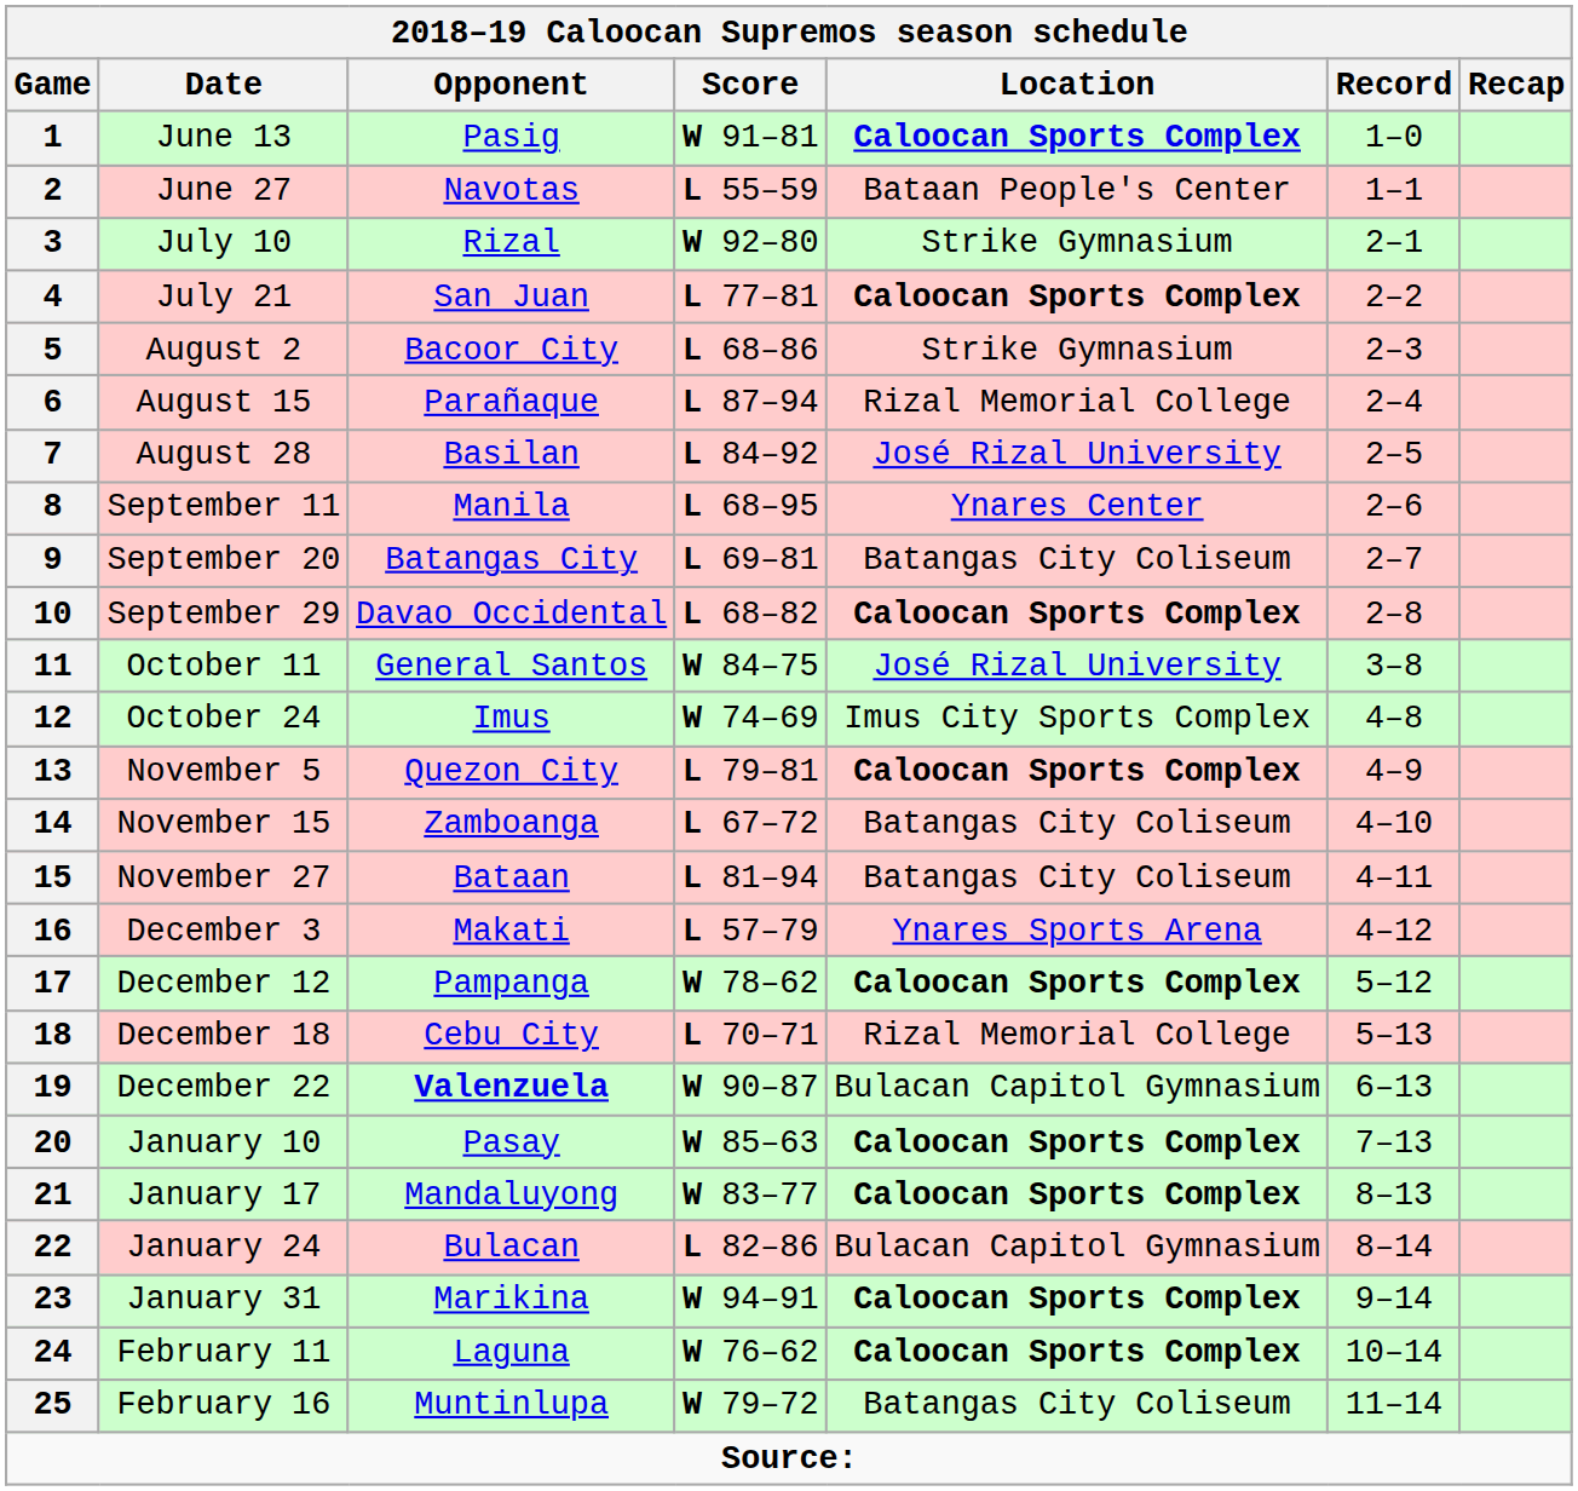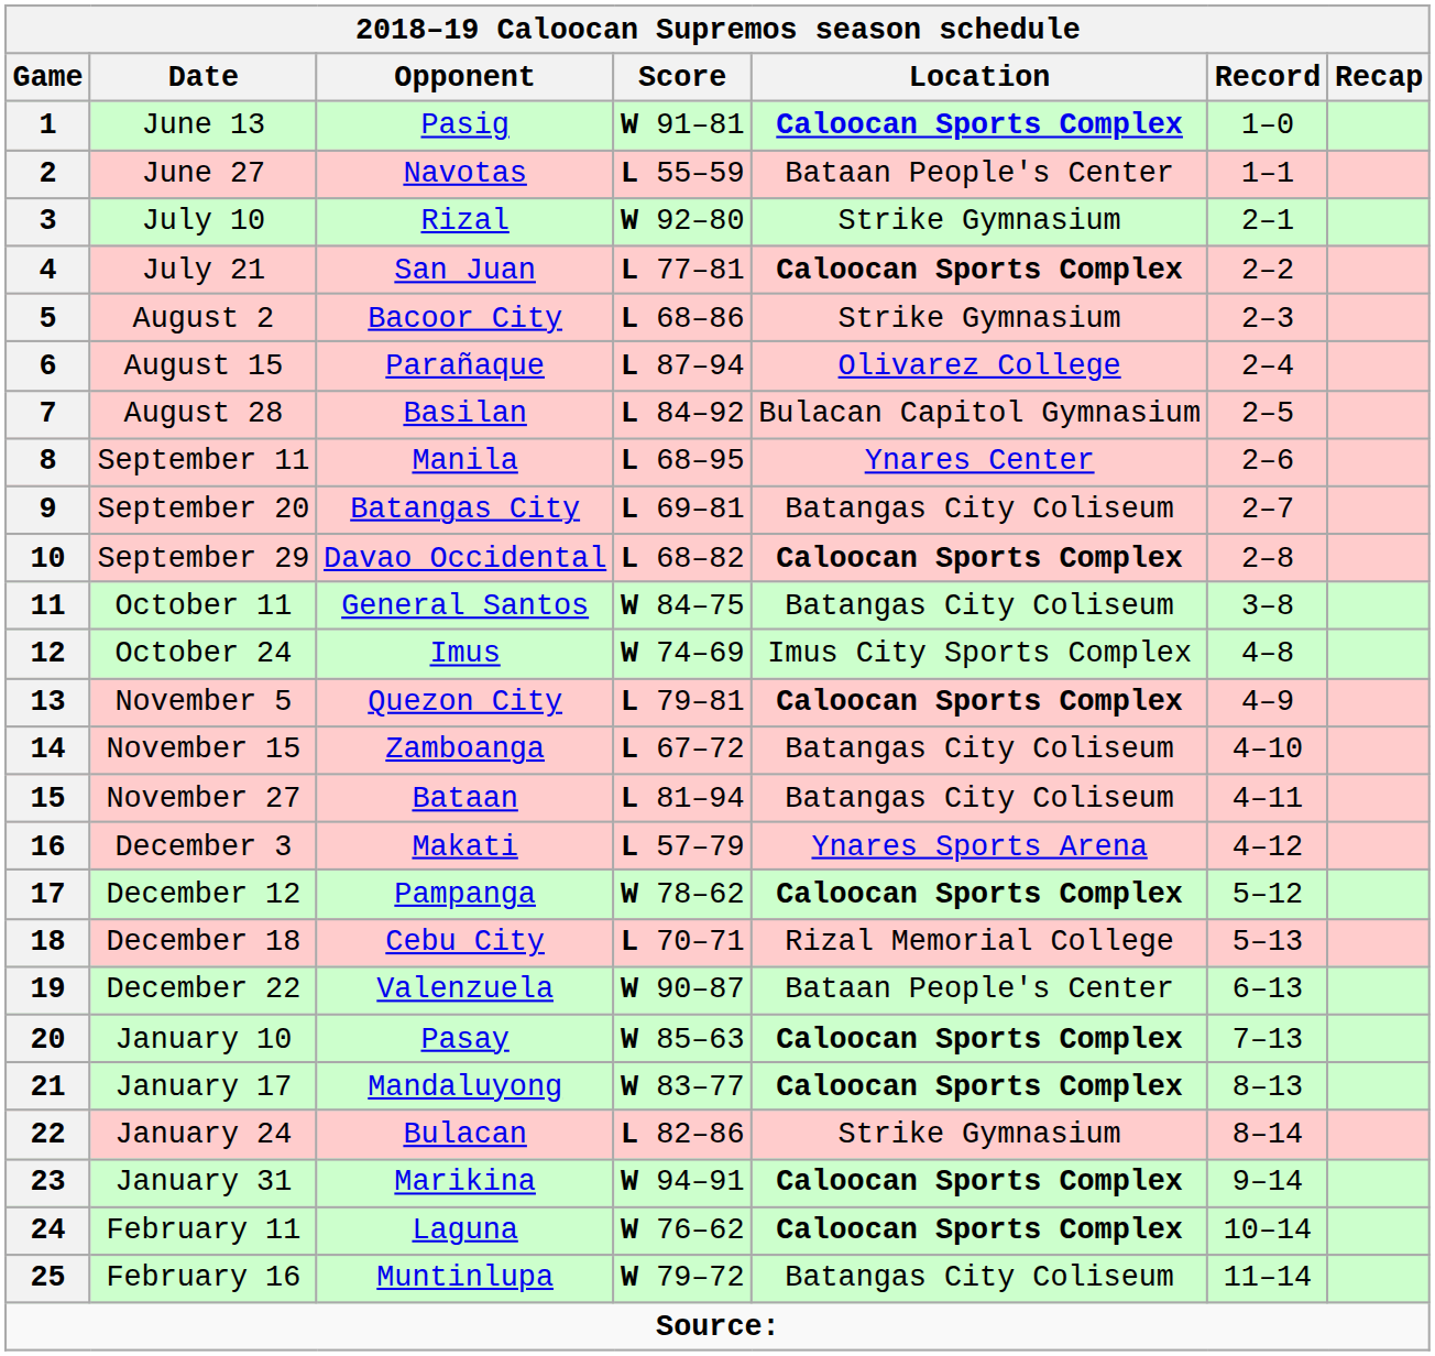 <table class="wikitable" style="text-align:center">
 <tr>
 <th colspan=7>2018–19 Caloocan Supremos season schedule</th>
 </tr>
 <tr>
 <th>Game</th>
 <th>Date</th>
 <th>Opponent</th>
 <th>Score</th>
 <th>Location</th>
 <th>Record</th>
 <th>Recap<br></th>
 </tr>
 <tr style="background:#cfc">
 <th>1</th>
 <td>June 13</td>
 <td><a href='#'>Pasig</a></td>
 <td><strong>W</strong> 91–81</td>
 <td><strong><a href='#'>Caloocan Sports Complex</a></strong></td>
 <td>1–0</td>
 <td></td>
 </tr>
 <tr style="background:#fcc">
 <th>2</th>
 <td>June 27</td>
 <td><a href='#'>Navotas</a></td>
 <td><strong>L</strong> 55–59</td>
 <td>Bataan People's Center</td>
 <td>1–1</td>
 <td></td>
 </tr>
 <tr style="background:#cfc">
 <th>3</th>
 <td>July 10</td>
 <td><a href='#'>Rizal</a></td>
 <td><strong>W</strong> 92–80</td>
 <td>Strike Gymnasium</td>
 <td>2–1</td>
 <td></td>
 </tr>
 <tr style="background:#fcc">
 <th>4</th>
 <td>July 21</td>
 <td><a href='#'>San Juan</a></td>
 <td><strong>L</strong> 77–81</td>
 <td><strong>Caloocan Sports Complex</strong></td>
 <td>2–2</td>
 <td></td>
 </tr>
 <tr style="background:#fcc">
 <th>5</th>
 <td>August 2</td>
 <td><a href='#'>Bacoor City</a></td>
 <td><strong>L</strong> 68–86</td>
 <td>Strike Gymnasium</td>
 <td>2–3</td>
 <td></td>
 </tr>
 <tr style="background:#fcc">
 <th>6</th>
 <td>August 15</td>
 <td><a href='#'>Parañaque</a></td>
 <td><strong>L</strong> 87–94</td>
-<td>Rizal Memorial College</td>
+<td><a href='#'>Olivarez College</a></td>
 <td>2–4</td>
 <td></td>
 </tr>
 <tr style="background:#fcc">
 <th>7</th>
 <td>August 28</td>
 <td><a href='#'>Basilan</a></td>
 <td><strong>L</strong> 84–92</td>
-<td><a href='#'>José Rizal University</a></td>
+<td>Bulacan Capitol Gymnasium</td>
 <td>2–5</td>
 <td></td>
 </tr>
 <tr style="background:#fcc">
 <th>8</th>
 <td>September 11</td>
 <td><a href='#'>Manila</a></td>
 <td><strong>L</strong> 68–95</td>
 <td><a href='#'>Ynares Center</a></td>
 <td>2–6</td>
 <td></td>
 </tr>
 <tr style="background:#fcc">
 <th>9</th>
 <td>September 20</td>
 <td><a href='#'>Batangas City</a></td>
 <td><strong>L</strong> 69–81</td>
 <td>Batangas City Coliseum</td>
 <td>2–7</td>
 <td></td>
 </tr>
 <tr style="background:#fcc">
 <th>10</th>
 <td>September 29</td>
 <td><a href='#'>Davao Occidental</a></td>
 <td><strong>L</strong> 68–82</td>
 <td><strong>Caloocan Sports Complex</strong></td>
 <td>2–8</td>
 <td><br></td>
 </tr>
 <tr style="background:#cfc">
 <th>11</th>
 <td>October 11</td>
 <td><a href='#'>General Santos</a></td>
 <td><strong>W</strong> 84–75</td>
-<td><a href='#'>José Rizal University</a></td>
+<td>Batangas City Coliseum</td>
 <td>3–8</td>
 <td></td>
 </tr>
 <tr style="background:#cfc">
 <th>12</th>
 <td>October 24</td>
 <td><a href='#'>Imus</a></td>
 <td><strong>W</strong> 74–69</td>
 <td>Imus City Sports Complex</td>
 <td>4–8</td>
 <td></td>
 </tr>
 <tr style="background:#fcc">
 <th>13</th>
 <td>November 5</td>
 <td><a href='#'>Quezon City</a></td>
 <td><strong>L</strong> 79–81</td>
 <td><strong>Caloocan Sports Complex</strong></td>
 <td>4–9</td>
 <td></td>
 </tr>
 <tr style="background:#fcc">
 <th>14</th>
 <td>November 15</td>
 <td><a href='#'>Zamboanga</a></td>
 <td><strong>L</strong> 67–72</td>
 <td>Batangas City Coliseum</td>
 <td>4–10</td>
 <td></td>
 </tr>
 <tr style="background:#fcc">
 <th>15</th>
 <td>November 27</td>
 <td><a href='#'>Bataan</a></td>
 <td><strong>L</strong> 81–94</td>
 <td>Batangas City Coliseum</td>
 <td>4–11</td>
 <td></td>
 </tr>
 <tr style="background:#fcc">
 <th>16</th>
 <td>December 3</td>
 <td><a href='#'>Makati</a></td>
 <td><strong>L</strong> 57–79</td>
 <td><a href='#'>Ynares Sports Arena</a></td>
 <td>4–12</td>
 <td></td>
 </tr>
 <tr style="background:#cfc">
 <th>17</th>
 <td>December 12</td>
 <td><a href='#'>Pampanga</a></td>
 <td><strong>W</strong> 78–62</td>
 <td><strong>Caloocan Sports Complex</strong></td>
 <td>5–12</td>
 <td></td>
 </tr>
 <tr style="background:#fcc">
 <th>18</th>
 <td>December 18</td>
 <td><a href='#'>Cebu City</a></td>
 <td><strong>L</strong> 70–71</td>
 <td>Rizal Memorial College</td>
 <td>5–13</td>
 <td></td>
 </tr>
 <tr style="background:#cfc">
 <th>19</th>
 <td>December 22</td>
-<td><strong><a href='#'>Valenzuela</a></strong></td>
+<td><a href='#'>Valenzuela</a></td>
 <td><strong>W</strong> 90–87</td>
-<td>Bulacan Capitol Gymnasium</td>
+<td>Bataan People's Center</td>
 <td>6–13</td>
 <td><br></td>
 </tr>
 <tr style="background:#cfc">
 <th>20</th>
 <td>January 10</td>
 <td><a href='#'>Pasay</a></td>
 <td><strong>W</strong> 85–63</td>
 <td><strong>Caloocan Sports Complex</strong></td>
 <td>7–13</td>
 <td></td>
 </tr>
 <tr style="background:#cfc">
 <th>21</th>
 <td>January 17</td>
 <td><a href='#'>Mandaluyong</a></td>
 <td><strong>W</strong> 83–77</td>
 <td><strong>Caloocan Sports Complex</strong></td>
 <td>8–13</td>
 <td></td>
 </tr>
 <tr style="background:#fcc">
 <th>22</th>
 <td>January 24</td>
 <td><a href='#'>Bulacan</a></td>
 <td><strong>L</strong> 82–86</td>
-<td>Bulacan Capitol Gymnasium</td>
+<td>Strike Gymnasium</td>
 <td>8–14</td>
 <td></td>
 </tr>
 <tr style="background:#cfc">
 <th>23</th>
 <td>January 31</td>
 <td><a href='#'>Marikina</a></td>
 <td><strong>W</strong> 94–91</td>
 <td><strong>Caloocan Sports Complex</strong></td>
 <td>9–14</td>
 <td></td>
 </tr>
 <tr style="background:#cfc">
 <th>24</th>
 <td>February 11</td>
 <td><a href='#'>Laguna</a></td>
 <td><strong>W</strong> 76–62</td>
 <td><strong>Caloocan Sports Complex</strong></td>
 <td>10–14</td>
 <td></td>
 </tr>
 <tr style="background:#cfc">
 <th>25</th>
 <td>February 16</td>
 <td><a href='#'>Muntinlupa</a></td>
 <td><strong>W</strong> 79–72</td>
 <td>Batangas City Coliseum</td>
 <td>11–14</td>
 <td></td>
 </tr>
 <tr>
 <td colspan=7 align=center><strong>Source: </strong></td>
 </tr>
 </table>
